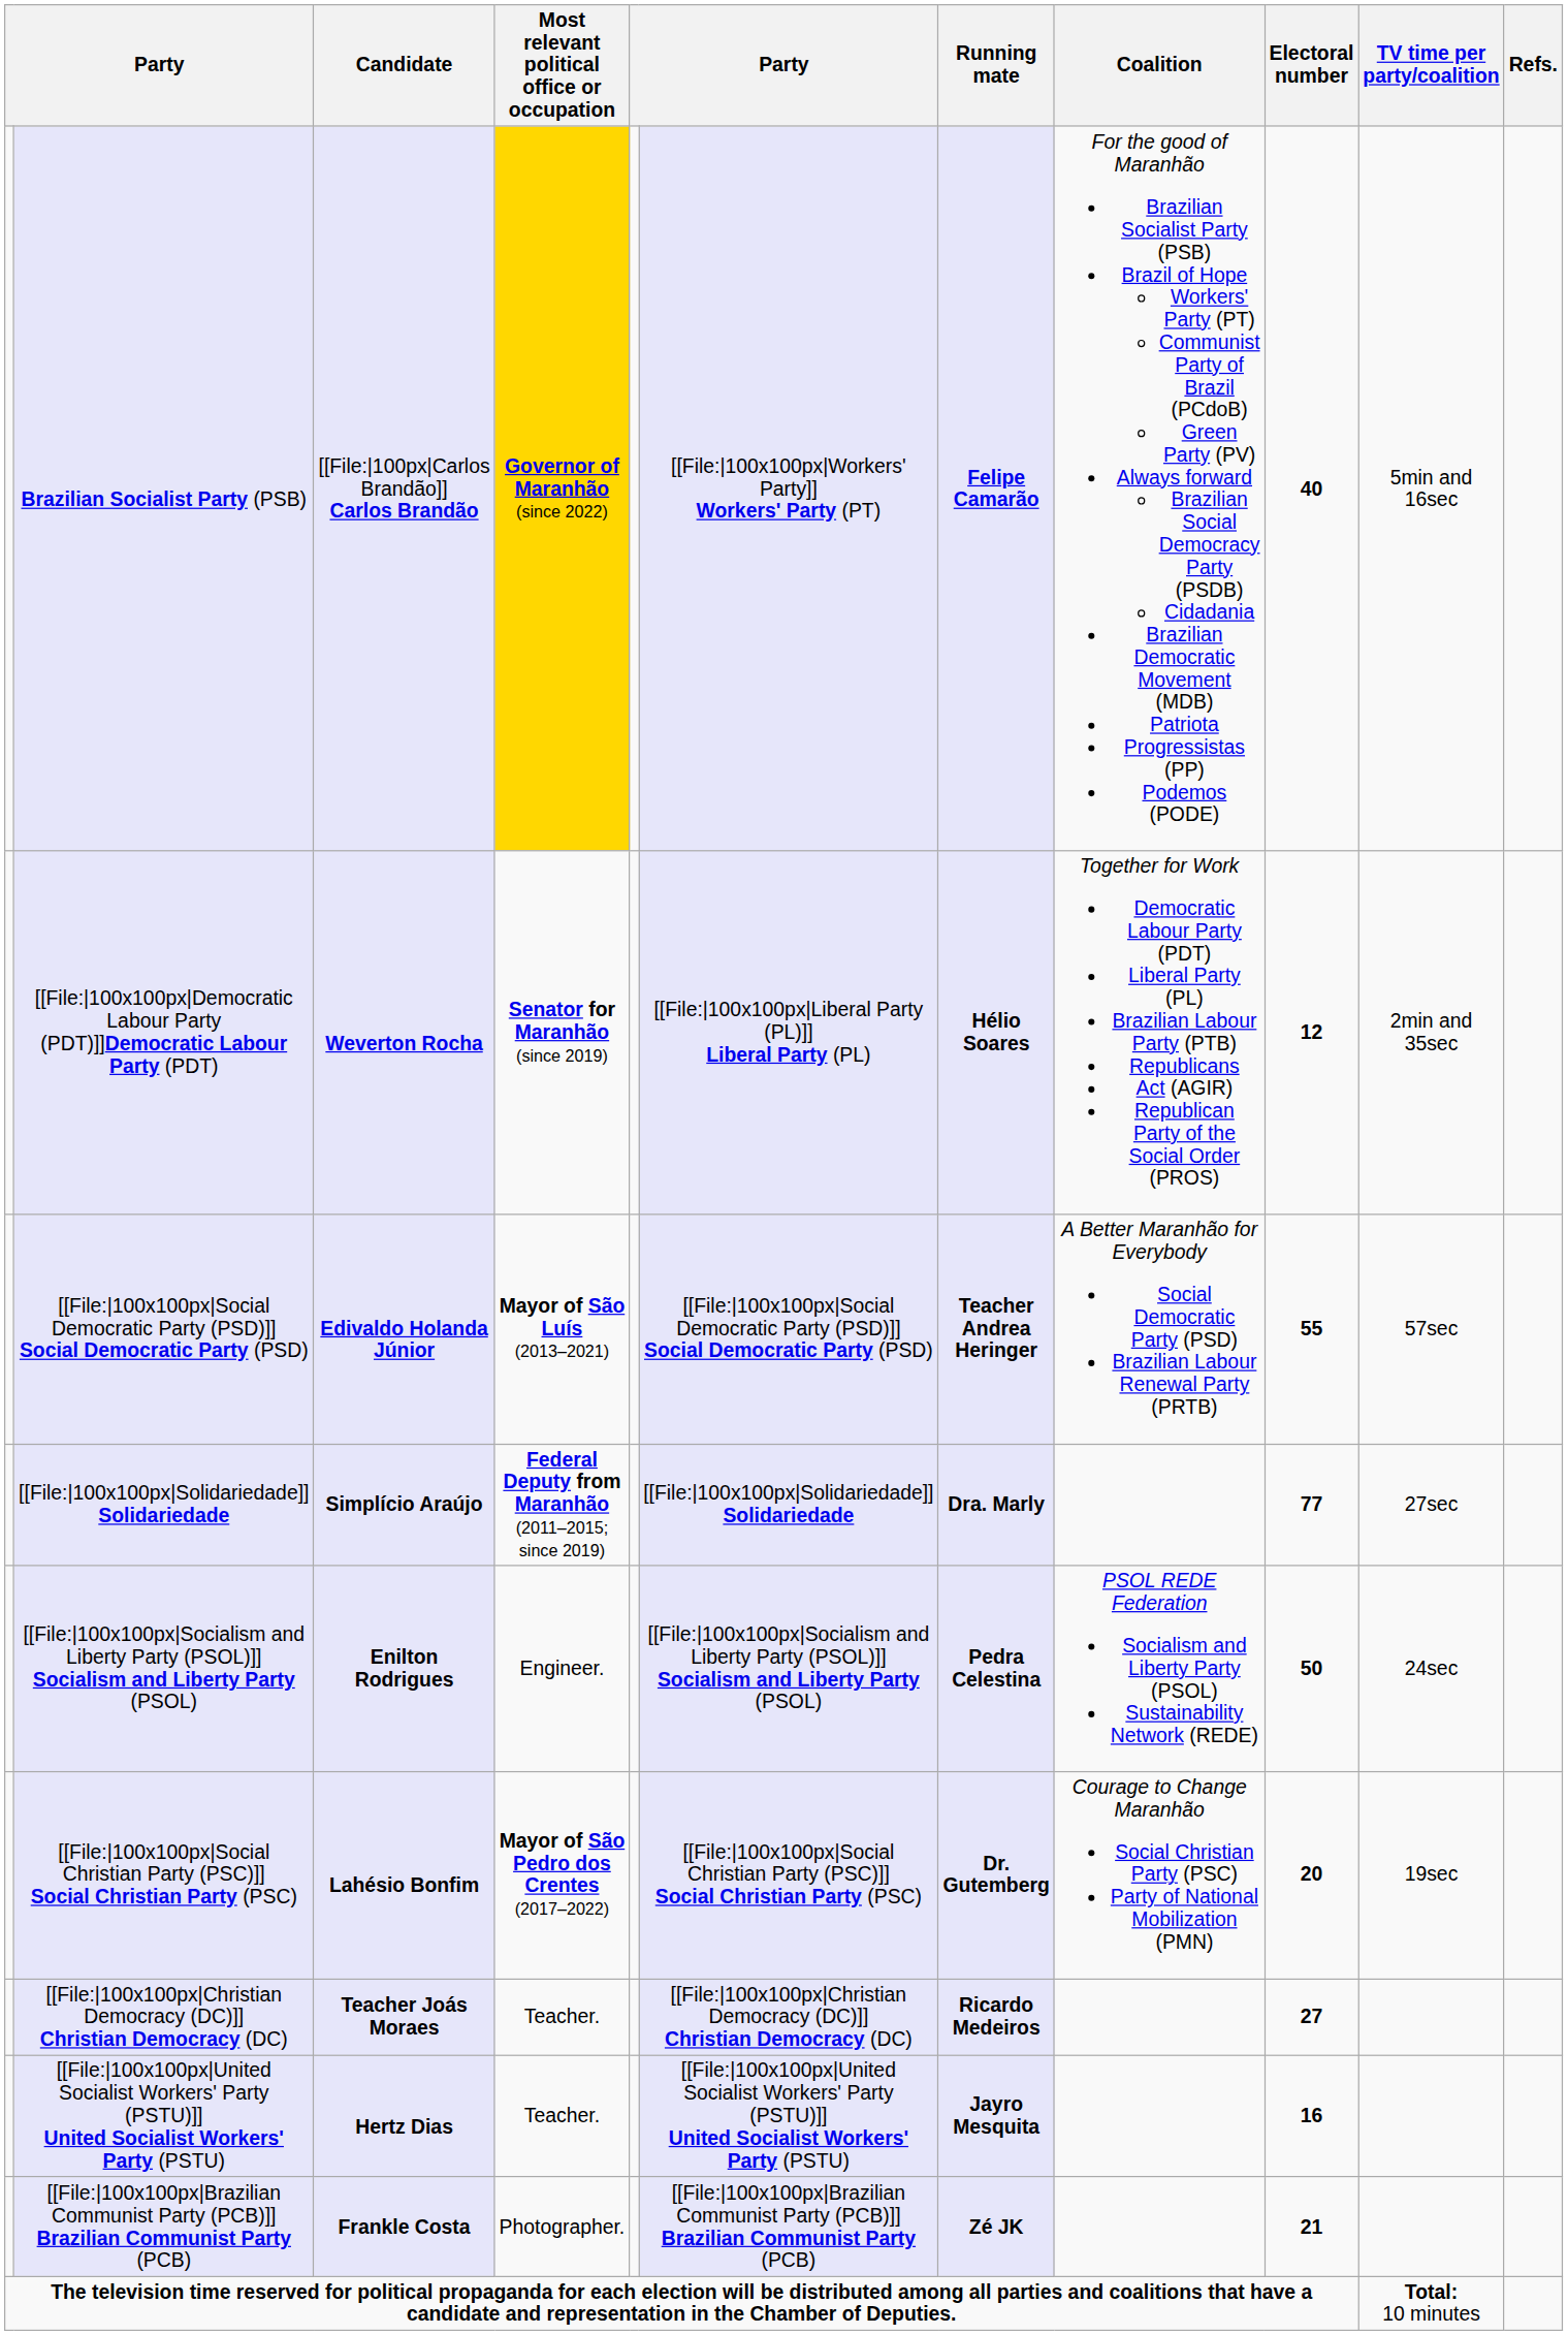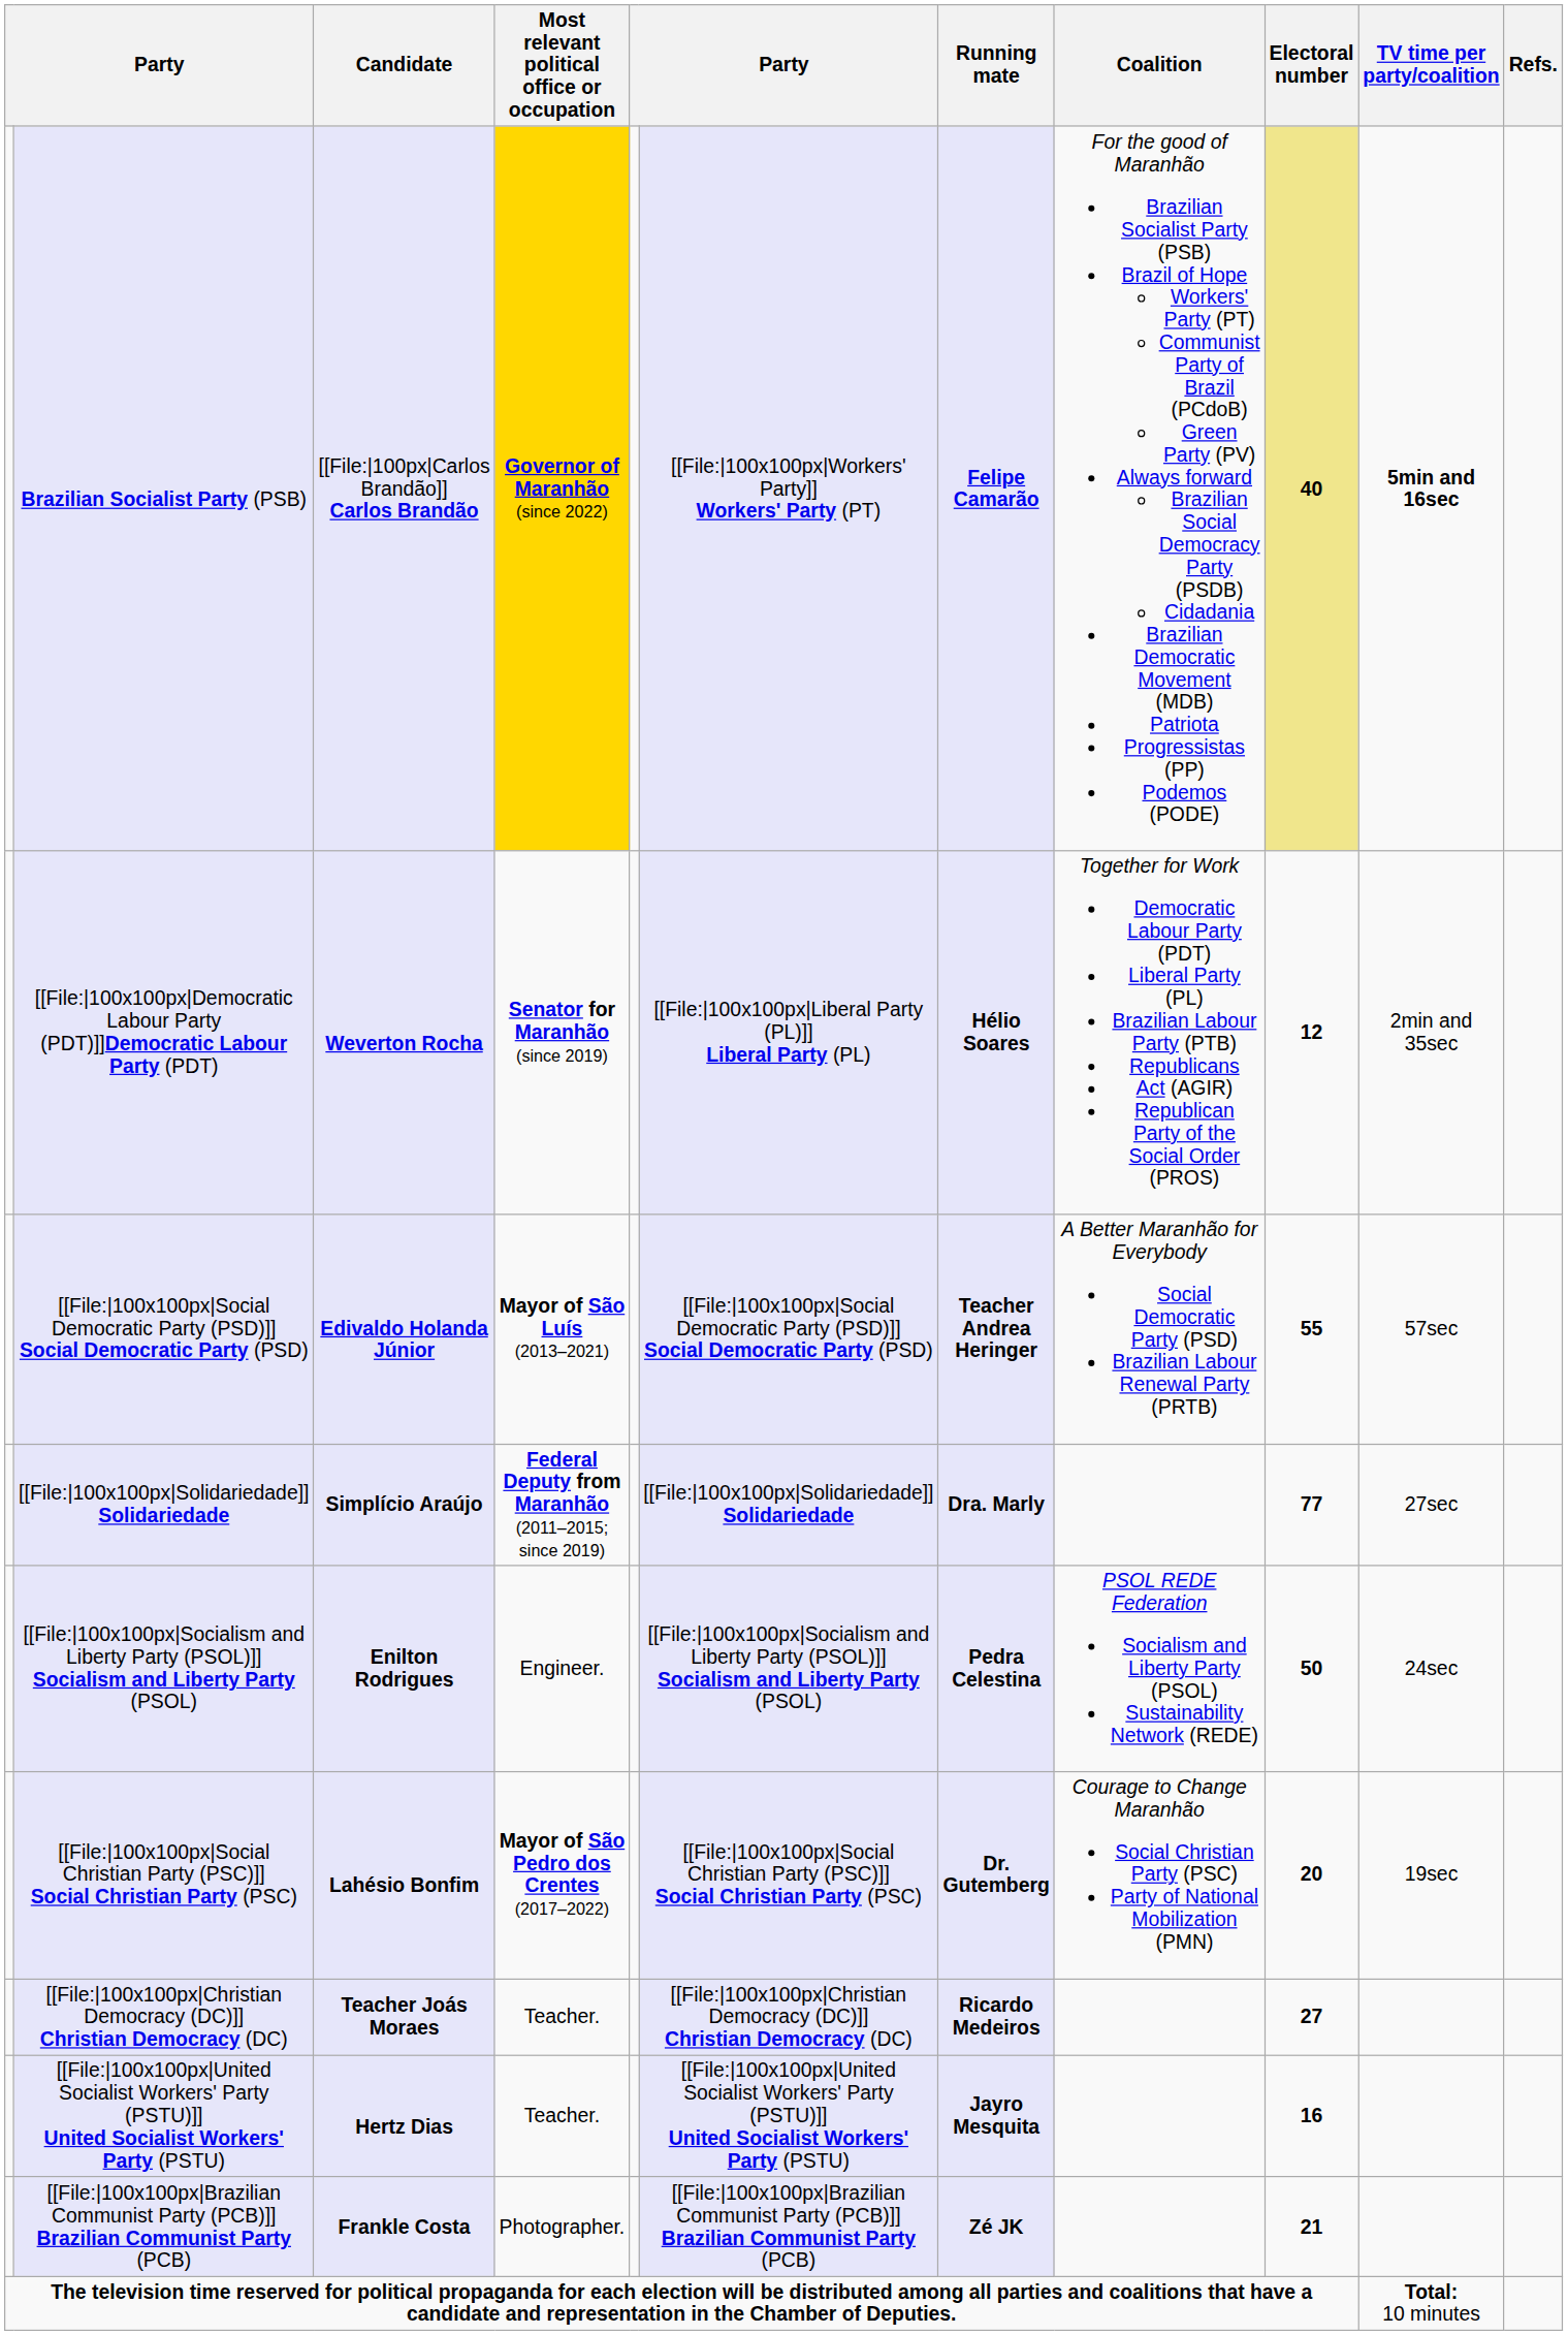 <table class="wikitable" style="text-align:center">
 <tr>
 <th colspan="2">Party</th>
 <th>Candidate</th>
 <th style="max-width:10em">Most relevant political office or occupation</th>
 <th colspan="2">Party</th>
 <th>Running mate</th>
 <th>Coalition</th>
 <th>Electoral number</th>
 <th><a href='#'>TV time per party/coalition</a></th>
 <th>Refs.</th>
 </tr>
 <tr>
 <td style="background-color:"></td>
 <td style="background:lavender;"><br><strong><a href='#'>Brazilian Socialist Party</a></strong> (PSB)</td>
 <td style="background:lavender;">[[File:|100px|Carlos Brandão]]<br><strong><a href='#'>Carlos Brandão</a></strong></td>
 <td style="background: gold;"><strong><a href='#'>Governor of Maranhão</a></strong><br><small>(since 2022)</small></td>
 <td style="background-color:"></td>
 <td style="background:lavender;">[[File:|100x100px|Workers' Party]]<br><strong><a href='#'>Workers' Party</a></strong> (PT)</td>
 <td style="background:lavender;"><strong><a href='#'>Felipe Camarão</a></strong></td>
 <td><em>For the good of Maranhão</em><br><ul><li><a href='#'>Brazilian Socialist Party</a> (PSB)</li><li><a href='#'>Brazil of Hope</a><ul><li><a href='#'>Workers' Party</a> (PT)</li><li><a href='#'>Communist Party of Brazil</a> (PCdoB)</li><li><a href='#'>Green Party</a> (PV)</li></ul></li><li><a href='#'>Always forward</a><ul><li><a href='#'>Brazilian Social Democracy Party</a> (PSDB)</li><li><a href='#'>Cidadania</a></li></ul></li><li><a href='#'>Brazilian Democratic Movement</a> (MDB)</li><li><a href='#'>Patriota</a></li><li><a href='#'>Progressistas</a> (PP)</li><li><a href='#'>Podemos</a> (PODE)</li></ul></td>
-<td><strong>40</strong></td>
-<td>5min and 16sec</td>
+<td style="background: khaki;"><strong>40</strong></td>
+<td><strong>5min and 16sec</strong></td>
 <td></td>
 </tr>
 <tr>
 <td style="background-color:"></td>
 <td style="background:lavender;">[[File:|100x100px|Democratic Labour Party (PDT)]]<strong><a href='#'>Democratic Labour Party</a></strong> (PDT)</td>
 <td style="background:lavender;"><br><strong><a href='#'>Weverton Rocha</a></strong></td>
 <td><strong><a href='#'>Senator</a> for <a href='#'>Maranhão</a></strong><br><small>(since 2019)</small></td>
 <td style="background-color:"></td>
 <td style="background:lavender;">[[File:|100x100px|Liberal Party (PL)]]<br><strong><a href='#'>Liberal Party</a></strong> (PL)</td>
 <td style="background:lavender;"><strong>Hélio Soares</strong></td>
 <td><em>Together for Work</em><br><ul><li><a href='#'>Democratic Labour Party</a> (PDT)</li><li><a href='#'>Liberal Party</a> (PL)</li><li><a href='#'>Brazilian Labour Party</a> (PTB)</li><li><a href='#'>Republicans</a></li><li><a href='#'>Act</a> (AGIR)</li><li><a href='#'>Republican Party of the Social Order</a> (PROS)</li></ul></td>
 <td><strong>12</strong></td>
 <td>2min and 35sec</td>
 <td></td>
 </tr>
 <tr>
 <td style="background-color:"></td>
 <td style="background:lavender;">[[File:|100x100px|Social Democratic Party (PSD)]]<br><strong><a href='#'>Social Democratic Party</a></strong> (PSD)</td>
 <td style="background:lavender;"><br><strong><a href='#'>Edivaldo Holanda Júnior</a></strong></td>
 <td><strong>Mayor of <a href='#'>São Luís</a></strong><br><small>(2013–2021)</small></td>
 <td style="background-color:"></td>
 <td style="background:lavender;">[[File:|100x100px|Social Democratic Party (PSD)]]<br><strong><a href='#'>Social Democratic Party</a></strong> (PSD)</td>
 <td style="background:lavender;"><strong>Teacher Andrea Heringer</strong></td>
 <td><em>A Better Maranhão for Everybody</em><br><ul><li><a href='#'>Social Democratic Party</a> (PSD)</li><li><a href='#'>Brazilian Labour Renewal Party</a> (PRTB)</li></ul></td>
 <td><strong>55</strong></td>
 <td>57sec</td>
 <td></td>
 </tr>
 <tr>
 <td style="background-color:"></td>
 <td style="background:lavender;">[[File:|100x100px|Solidariedade]]<br><strong><a href='#'>Solidariedade</a></strong></td>
 <td style="background:lavender;"><strong>Simplício Araújo</strong></td>
 <td><strong><a href='#'>Federal Deputy</a> from <a href='#'>Maranhão</a></strong><br><small>(2011–2015; since 2019)</small></td>
 <td style="background-color:"></td>
 <td style="background:lavender;">[[File:|100x100px|Solidariedade]]<br><strong><a href='#'>Solidariedade</a></strong></td>
 <td style="background:lavender;"><strong>Dra. Marly</strong></td>
 <td></td>
 <td><strong>77</strong></td>
 <td>27sec</td>
 <td></td>
 </tr>
 <tr>
 <td style="background-color:"></td>
 <td style="background:lavender;">[[File:|100x100px|Socialism and Liberty Party (PSOL)]]<br><strong><a href='#'>Socialism and Liberty Party</a></strong> (PSOL)</td>
 <td style="background:lavender;"><strong>Enilton Rodrigues</strong></td>
 <td>Engineer.</td>
 <td style="background-color:"></td>
 <td style="background:lavender;">[[File:|100x100px|Socialism and Liberty Party (PSOL)]]<br><strong><a href='#'>Socialism and Liberty Party</a></strong> (PSOL)</td>
 <td style="background:lavender;"><strong>Pedra Celestina</strong></td>
 <td><em><a href='#'>PSOL REDE Federation</a></em><br><ul><li><a href='#'>Socialism and Liberty Party</a> (PSOL)</li><li><a href='#'>Sustainability Network</a> (REDE)</li></ul></td>
 <td><strong>50</strong></td>
 <td>24sec</td>
 <td></td>
 </tr>
 <tr>
 <td style="background-color:"></td>
 <td style="background:lavender;">[[File:|100x100px|Social Christian Party (PSC)]]<br><strong><a href='#'>Social Christian Party</a></strong> (PSC)</td>
 <td style="background:lavender;"><br><strong>Lahésio Bonfim</strong></td>
 <td><strong>Mayor of <a href='#'>São Pedro dos Crentes</a></strong><br><small>(2017–2022)</small></td>
 <td style="background-color:"></td>
 <td style="background:lavender;">[[File:|100x100px|Social Christian Party (PSC)]]<br><strong><a href='#'>Social Christian Party</a></strong> (PSC)</td>
 <td style="background:lavender;"><strong>Dr. Gutemberg</strong></td>
 <td><em>Courage to Change Maranhão</em><br><ul><li><a href='#'>Social Christian Party</a> (PSC)</li><li><a href='#'>Party of National Mobilization</a> (PMN)</li></ul></td>
 <td><strong>20</strong></td>
 <td>19sec</td>
 <td></td>
 </tr>
 <tr>
 <td style="background-color:"></td>
 <td style="background:lavender;">[[File:|100x100px|Christian Democracy (DC)]]<br><strong><a href='#'>Christian Democracy</a></strong> (DC)</td>
 <td style="background:lavender;"><strong>Teacher Joás Moraes</strong></td>
 <td>Teacher.</td>
 <td style="background-color:"></td>
 <td style="background:lavender;">[[File:|100x100px|Christian Democracy (DC)]]<br><strong><a href='#'>Christian Democracy</a></strong> (DC)</td>
 <td style="background:lavender;"><strong>Ricardo Medeiros</strong></td>
 <td></td>
 <td><strong>27</strong></td>
 <td></td>
 <td></td>
 </tr>
 <tr>
 <td style="background-color:"></td>
 <td style="background:lavender;">[[File:|100x100px|United Socialist Workers' Party (PSTU)]]<br><strong><a href='#'>United Socialist Workers' Party</a></strong> (PSTU)</td>
 <td style="background:lavender;"><br><strong>Hertz Dias</strong></td>
 <td>Teacher.</td>
 <td style="background-color:"></td>
 <td style="background:lavender;">[[File:|100x100px|United Socialist Workers' Party (PSTU)]]<br><strong><a href='#'>United Socialist Workers' Party</a></strong> (PSTU)</td>
 <td style="background:lavender;"><strong>Jayro Mesquita</strong></td>
 <td></td>
 <td><strong>16</strong></td>
 <td></td>
 <td></td>
 </tr>
 <tr>
 <td style="background-color:"></td>
 <td style="background:lavender;">[[File:|100x100px|Brazilian Communist Party (PCB)]]<br><strong><a href='#'>Brazilian Communist Party</a></strong> (PCB)</td>
 <td style="background:lavender;"><strong>Frankle Costa</strong></td>
 <td>Photographer.</td>
 <td style="background-color:"></td>
 <td style="background:lavender;">[[File:|100x100px|Brazilian Communist Party (PCB)]]<br><strong><a href='#'>Brazilian Communist Party</a></strong> (PCB)</td>
 <td style="background:lavender;"><strong>Zé JK</strong></td>
 <td></td>
 <td><strong>21</strong></td>
 <td></td>
 <td></td>
 </tr>
 <tr>
 <td colspan="9"><strong>The television time reserved for political propaganda for each election will be distributed among all parties and coalitions that have a candidate and representation in the Chamber of Deputies.</strong></td>
 <td><strong>Total:</strong><br>10 minutes</td>
 <td></td>
 </tr>
 </table>
